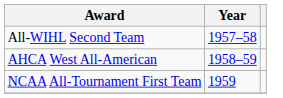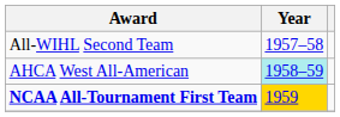 <table class="wikitable">
 <tr>
 <th>Award</th>
 <th>Year</th>
 <th></th>
 </tr>
 <tr>
 <td>All-<a href='#'>WIHL</a> <a href='#'>Second Team</a></td>
 <td><a href='#'>1957–58</a></td>
 <td></td>
 </tr>
 <tr>
 <td><a href='#'>AHCA</a> <a href='#'>West All-American</a></td>
-<td><a href='#'>1958–59</a></td>
+<td style="background: paleturquoise;"><a href='#'>1958–59</a></td>
 <td></td>
 </tr>
 <tr>
-<td><a href='#'>NCAA</a> <a href='#'>All-Tournament First Team</a></td>
-<td><a href='#'>1959</a></td>
+<td><strong><a href='#'>NCAA</a> <a href='#'>All-Tournament First Team</a></strong></td>
+<td style="background: gold;"><a href='#'>1959</a></td>
 <td></td>
 </tr>
 <tr>
 </tr>
 </table>
